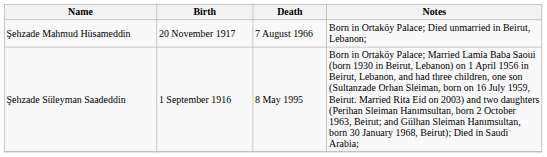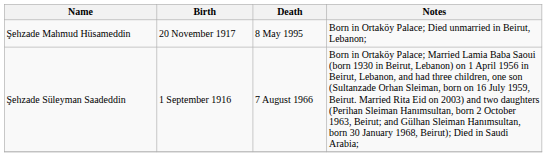 <table class="wikitable">
 <tr>
 <th>Name</th>
 <th>Birth</th>
 <th>Death</th>
 <th style="width:40%;">Notes</th>
 </tr>
 <tr>
 <td>Şehzade Mahmud Hüsameddin</td>
 <td>20 November 1917</td>
-<td>7 August 1966</td>
+<td>8 May 1995</td>
 <td>Born in Ortaköy Palace; Died unmarried in Beirut, Lebanon;</td>
 </tr>
 <tr>
 <td>Şehzade Süleyman Saadeddin</td>
 <td>1 September 1916</td>
-<td>8 May 1995</td>
+<td>7 August 1966</td>
 <td>Born in Ortaköy Palace; Married Lamia Baba Saoui (born 1930 in Beirut, Lebanon) on 1 April 1956 in Beirut, Lebanon, and had three children, one son (Sultanzade Orhan Sleiman, born on 16 July 1959, Beirut. Married Rita Eid on 2003) and two daughters (Perihan Sleiman Hanımsultan, born 2 October 1963, Beirut; and Gülhan Sleiman Hanımsultan, born 30 January 1968, Beirut); Died in Saudi Arabia;</td>
 </tr>
 <tr>
 </tr>
 </table>
